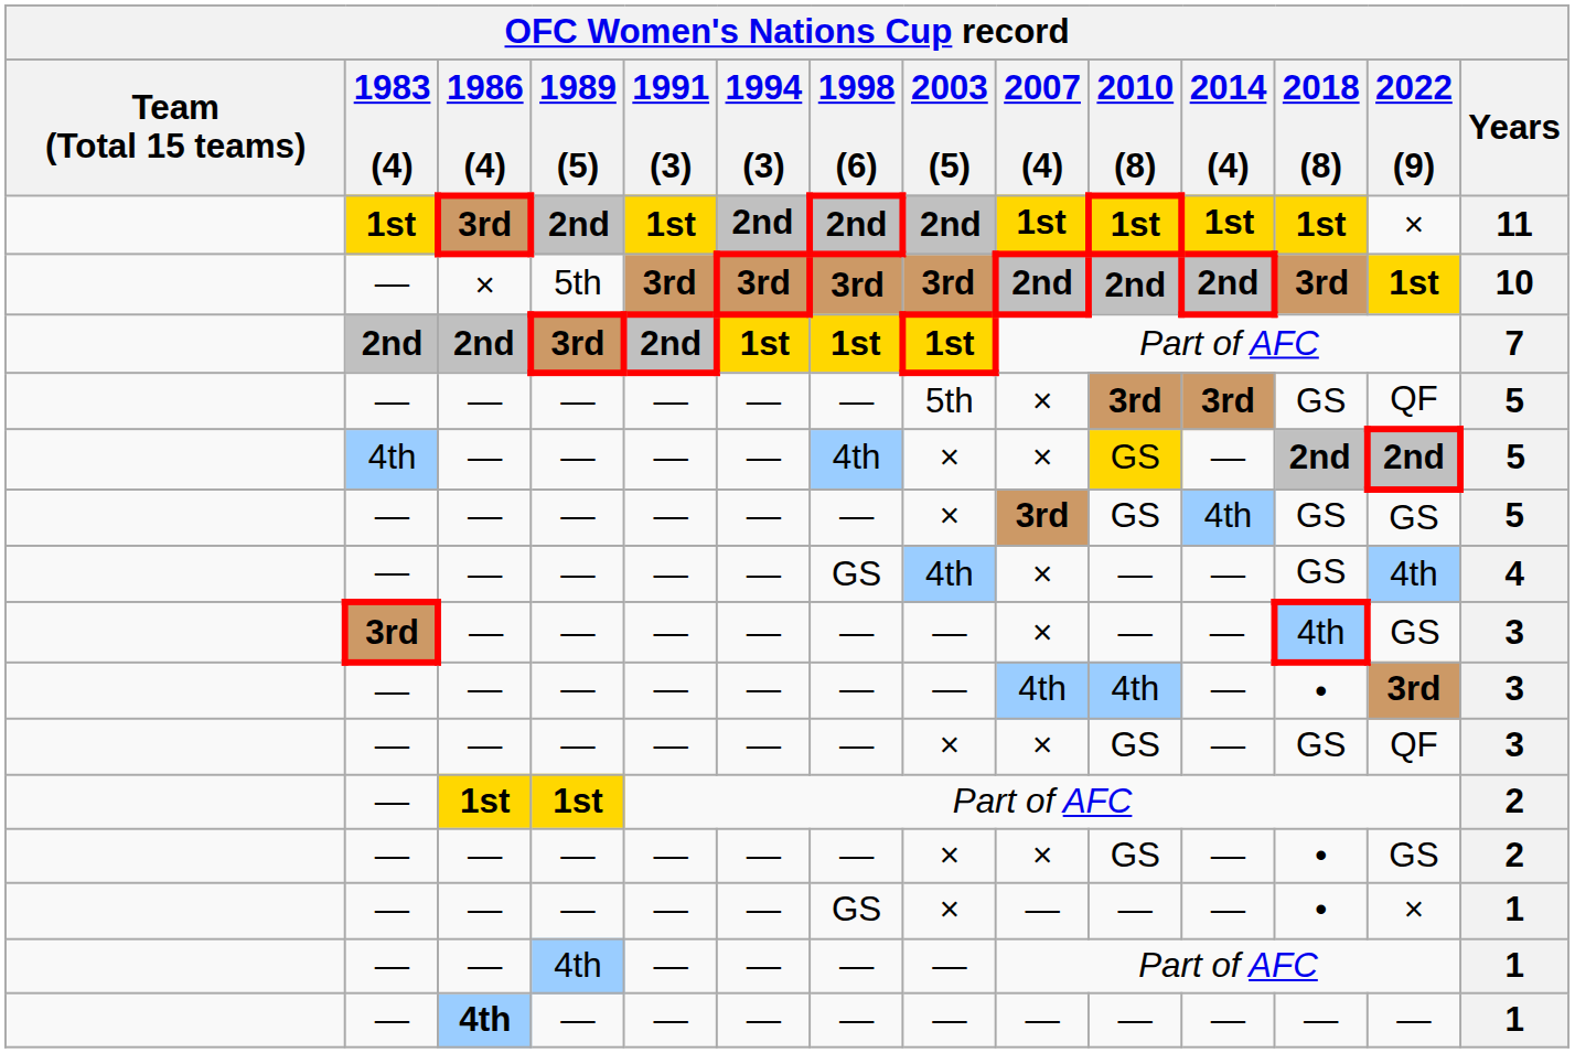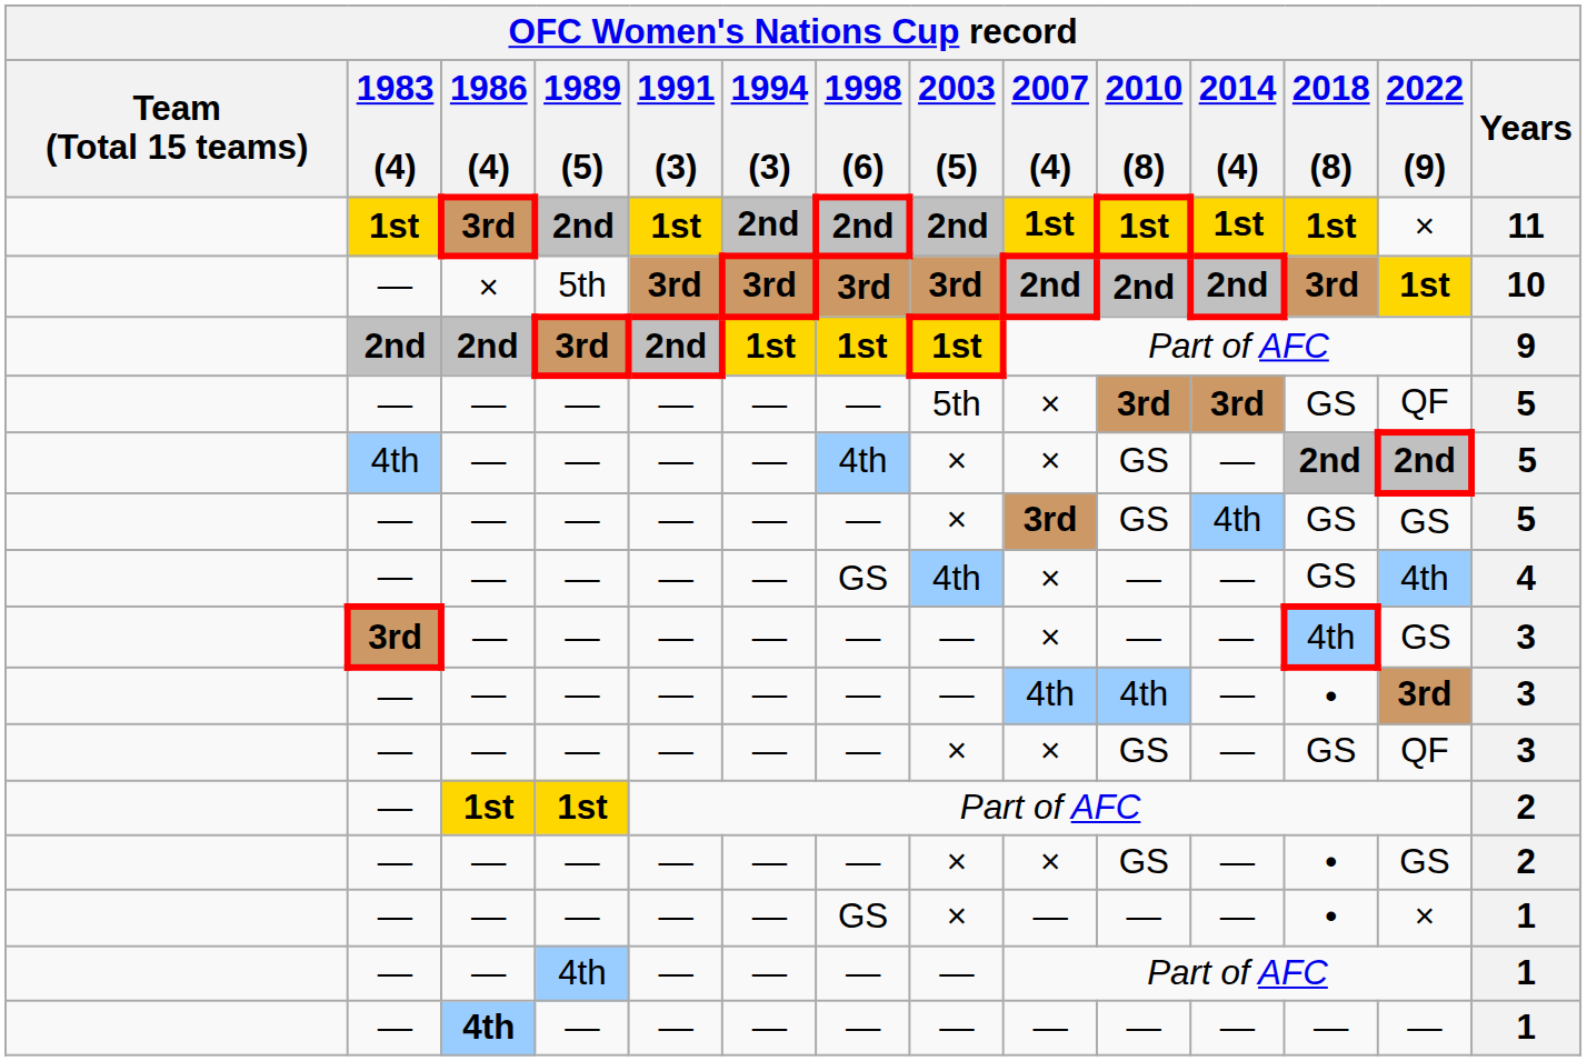 <table class="wikitable" style="text-align:center;">
 <tr>
 <th colspan=14><a href='#'>OFC Women's Nations Cup</a> record</th>
 </tr>
 <tr>
 <th width=150>Team<br>(Total 15 teams)</th>
 <th><a href='#'>1983</a><br><br>(4)</th>
 <th><a href='#'>1986</a><br><br>(4)</th>
 <th><a href='#'>1989</a><br><br>(5)</th>
 <th><a href='#'>1991</a><br><br>(3)</th>
 <th><a href='#'>1994</a><br><br>(3)</th>
 <th><a href='#'>1998</a><br><br>(6)</th>
 <th><a href='#'>2003</a><br><br>(5)</th>
 <th><a href='#'>2007</a><br><br>(4)</th>
 <th><a href='#'>2010</a><br><br>(8)</th>
 <th><a href='#'>2014</a><br><br>(4)</th>
 <th><a href='#'>2018</a><br><br>(8)</th>
 <th><a href='#'>2022</a><br><br>(9)</th>
 <th>Years</th>
 </tr>
 <tr>
 <td style="text-align:left;"></td>
 <td style="background:Gold;"><strong>1st</strong></td>
 <td style="border:3px solid red; background:#c96;"><strong>3rd</strong></td>
 <td style="background:Silver;"><strong>2nd</strong></td>
 <td style="background:Gold;"><strong>1st</strong></td>
 <td style="background:Silver;"><strong>2nd</strong></td>
 <td style="border:3px solid red; background:Silver;"><strong>2nd</strong></td>
 <td style="background:Silver;"><strong>2nd</strong></td>
 <td style="background:Gold;"><strong>1st</strong></td>
 <td style="border:3px solid red; background:Gold;"><strong>1st</strong></td>
 <td style="background:Gold;"><strong>1st</strong></td>
 <td style="background:Gold;"><strong>1st</strong></td>
 <td>×</td>
 <th><strong>11</strong></th>
 </tr>
 <tr>
 <td style="text-align:left;"></td>
 <td>—</td>
 <td>×</td>
 <td>5th</td>
 <td style="background:#c96;"><strong>3rd</strong></td>
 <td style="border:3px solid red; background:#c96;"><strong>3rd</strong></td>
 <td style="background:#c96;"><strong>3rd</strong></td>
 <td style="background:#c96;"><strong>3rd</strong></td>
 <td style="border:3px solid red; background:Silver;"><strong>2nd</strong></td>
 <td style="background:Silver;"><strong>2nd</strong></td>
 <td style="border:3px solid red; background:Silver;"><strong>2nd</strong></td>
 <td style="background:#c96;"><strong>3rd</strong></td>
 <td style="background:Gold;"><strong>1st</strong></td>
 <th><strong>10</strong></th>
 </tr>
 <tr>
 <td style="text-align:left;"></td>
 <td style="background:Silver;"><strong>2nd</strong></td>
 <td style="background:Silver;"><strong>2nd</strong></td>
 <td style="border:3px solid red; background:#c96;"><strong>3rd</strong></td>
 <td style="border:3px solid red; background:Silver;"><strong>2nd</strong></td>
 <td style="background:Gold;"><strong>1st</strong></td>
 <td style="background:Gold;"><strong>1st</strong></td>
 <td style="border:3px solid red; background:Gold;"><strong>1st</strong></td>
 <td colspan="5"><em>Part of <a href='#'>AFC</a></em></td>
-<th><strong>7</strong></th>
+<th><strong>9</strong></th>
 </tr>
 <tr>
 <td style="text-align:left;"></td>
 <td>—</td>
 <td>—</td>
 <td>—</td>
 <td>—</td>
 <td>—</td>
 <td>—</td>
 <td>5th</td>
 <td>×</td>
 <td style="background:#c96;"><strong>3rd</strong></td>
 <td style="background:#c96;"><strong>3rd</strong></td>
 <td>GS</td>
 <td>QF</td>
 <th><strong>5</strong></th>
 </tr>
 <tr>
 <td style="text-align:left;"></td>
 <td style="background:#9acdff;">4th</td>
 <td>—</td>
 <td>—</td>
 <td>—</td>
 <td>—</td>
 <td style="background:#9acdff;">4th</td>
 <td>×</td>
 <td>×</td>
-<td style="background: gold;">GS</td>
+<td>GS</td>
 <td>—</td>
 <td style="background:Silver;"><strong>2nd</strong></td>
 <td style="border:3px solid red; background:Silver;"><strong>2nd</strong></td>
 <th><strong>5</strong></th>
 </tr>
 <tr>
 <td style="text-align:left;"></td>
 <td>—</td>
 <td>—</td>
 <td>—</td>
 <td>—</td>
 <td>—</td>
 <td>—</td>
 <td>×</td>
 <td style="background:#c96;"><strong>3rd</strong></td>
 <td>GS</td>
 <td style="background:#9acdff;">4th</td>
 <td>GS</td>
 <td>GS</td>
 <th><strong>5</strong></th>
 </tr>
 <tr>
 <td style="text-align:left;"></td>
 <td>—</td>
 <td>—</td>
 <td>—</td>
 <td>—</td>
 <td>—</td>
 <td>GS</td>
 <td style="background:#9acdff;">4th</td>
 <td>×</td>
 <td>—</td>
 <td>—</td>
 <td>GS</td>
 <td style="background:#9acdff;">4th</td>
 <th><strong>4</strong></th>
 </tr>
 <tr>
 <td style="text-align:left;"></td>
 <td style="border:3px solid red; background:#c96;"><strong>3rd</strong></td>
 <td>—</td>
 <td>—</td>
 <td>—</td>
 <td>—</td>
 <td>—</td>
 <td>—</td>
 <td>×</td>
 <td>—</td>
 <td>—</td>
 <td style="border:3px solid red; background:#9acdff;">4th</td>
 <td>GS</td>
 <th><strong>3</strong></th>
 </tr>
 <tr>
 <td style="text-align:left;"></td>
 <td>—</td>
 <td>—</td>
 <td>—</td>
 <td>—</td>
 <td>—</td>
 <td>—</td>
 <td>—</td>
 <td style="background:#9acdff;">4th</td>
 <td style="background:#9acdff;">4th</td>
 <td>—</td>
 <td>•</td>
 <td style="background:#c96;"><strong>3rd</strong></td>
 <th><strong>3</strong></th>
 </tr>
 <tr>
 <td style="text-align:left;"></td>
 <td>—</td>
 <td>—</td>
 <td>—</td>
 <td>—</td>
 <td>—</td>
 <td>—</td>
 <td>×</td>
 <td>×</td>
 <td>GS</td>
 <td>—</td>
 <td>GS</td>
 <td>QF</td>
 <th><strong>3</strong></th>
 </tr>
 <tr>
 <td style="text-align:left;"></td>
 <td>—</td>
 <td style="background:Gold;"><strong>1st</strong></td>
 <td style="background:Gold;"><strong>1st</strong></td>
 <td colspan="9"><em>Part of <a href='#'>AFC</a></em></td>
 <th><strong>2</strong></th>
 </tr>
 <tr>
 <td style="text-align:left;"></td>
 <td>—</td>
 <td>—</td>
 <td>—</td>
 <td>—</td>
 <td>—</td>
 <td>—</td>
 <td>×</td>
 <td>×</td>
 <td>GS</td>
 <td>—</td>
 <td>•</td>
 <td>GS</td>
 <th><strong>2</strong></th>
 </tr>
 <tr>
 <td style="text-align:left"></td>
 <td>—</td>
 <td>—</td>
 <td>—</td>
 <td>—</td>
 <td>—</td>
 <td>GS</td>
 <td>×</td>
 <td>—</td>
 <td>—</td>
 <td>—</td>
 <td>•</td>
 <td>×</td>
 <th><strong>1</strong></th>
 </tr>
 <tr>
 <td style="text-align:left"></td>
 <td>—</td>
 <td>—</td>
 <td style="background:#9acdff;">4th</td>
 <td>—</td>
 <td>—</td>
 <td>—</td>
 <td>—</td>
 <td colspan="5"><em>Part of <a href='#'>AFC</a></em></td>
 <th><strong>1</strong></th>
 </tr>
 <tr>
 <td style="text-align:left"></td>
 <td>—</td>
 <td style="background:#9acdff;"><strong>4th</strong></td>
 <td>—</td>
 <td>—</td>
 <td>—</td>
 <td>—</td>
 <td>—</td>
 <td>—</td>
 <td>—</td>
 <td>—</td>
 <td>—</td>
 <td>—</td>
 <th><strong>1</strong></th>
 </tr>
 </table>
